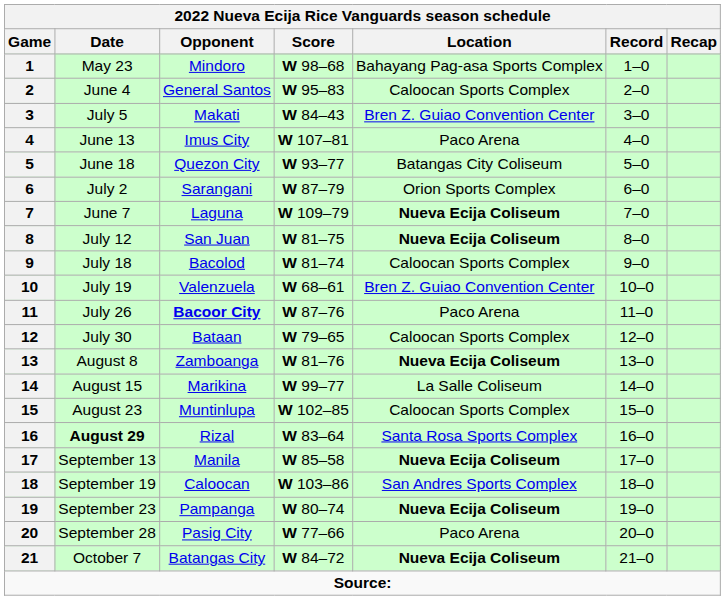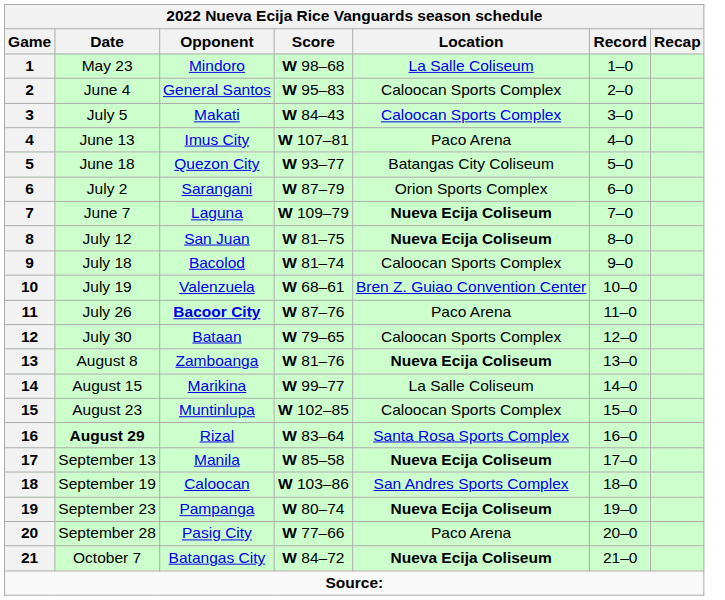 <table class="wikitable" style="text-align:center">
 <tr>
 <th colspan=7>2022 Nueva Ecija Rice Vanguards season schedule</th>
 </tr>
 <tr>
 <th>Game</th>
 <th>Date</th>
 <th>Opponent</th>
 <th>Score</th>
 <th>Location</th>
 <th>Record</th>
 <th>Recap<br></th>
 </tr>
 <tr style="background:#cfc">
 <th>1</th>
 <td>May 23</td>
 <td><a href='#'>Mindoro</a></td>
 <td><strong>W</strong> 98–68</td>
-<td>Bahayang Pag-asa Sports Complex</td>
+<td><a href='#'>La Salle Coliseum</a></td>
 <td>1–0</td>
 <td></td>
 </tr>
 <tr style="background:#cfc">
 <th>2</th>
 <td>June 4</td>
 <td><a href='#'>General Santos</a></td>
 <td><strong>W</strong> 95–83</td>
 <td>Caloocan Sports Complex</td>
 <td>2–0</td>
 <td></td>
 </tr>
 <tr style="background:#cfc">
 <th>3</th>
 <td>July 5</td>
 <td><a href='#'>Makati</a></td>
 <td><strong>W</strong> 84–43</td>
-<td><a href='#'>Bren Z. Guiao Convention Center</a></td>
+<td><a href='#'>Caloocan Sports Complex</a></td>
 <td>3–0</td>
 <td></td>
 </tr>
 <tr style="background:#cfc">
 <th>4</th>
 <td>June 13</td>
 <td><a href='#'>Imus City</a></td>
 <td><strong>W</strong> 107–81</td>
 <td>Paco Arena</td>
 <td>4–0</td>
 <td></td>
 </tr>
 <tr style="background:#cfc">
 <th>5</th>
 <td>June 18</td>
 <td><a href='#'>Quezon City</a></td>
 <td><strong>W</strong> 93–77</td>
 <td>Batangas City Coliseum</td>
 <td>5–0</td>
 <td></td>
 </tr>
 <tr style="background:#cfc">
 <th>6</th>
 <td>July 2</td>
 <td><a href='#'>Sarangani</a></td>
 <td><strong>W</strong> 87–79</td>
 <td>Orion Sports Complex</td>
 <td>6–0</td>
 <td></td>
 </tr>
 <tr style="background:#cfc">
 <th>7</th>
 <td>June 7</td>
 <td><a href='#'>Laguna</a></td>
 <td><strong>W</strong> 109–79</td>
 <td><strong>Nueva Ecija Coliseum</strong></td>
 <td>7–0</td>
 <td><br></td>
 </tr>
 <tr style="background:#cfc">
 <th>8</th>
 <td>July 12</td>
 <td><a href='#'>San Juan</a></td>
 <td><strong>W</strong> 81–75</td>
 <td><strong>Nueva Ecija Coliseum</strong></td>
 <td>8–0</td>
 <td></td>
 </tr>
 <tr style="background:#cfc">
 <th>9</th>
 <td>July 18</td>
 <td><a href='#'>Bacolod</a></td>
 <td><strong>W</strong> 81–74</td>
 <td>Caloocan Sports Complex</td>
 <td>9–0</td>
 <td></td>
 </tr>
 <tr style="background:#cfc">
 <th>10</th>
 <td>July 19</td>
 <td><a href='#'>Valenzuela</a></td>
 <td><strong>W</strong> 68–61</td>
 <td><a href='#'>Bren Z. Guiao Convention Center</a></td>
 <td>10–0</td>
 <td></td>
 </tr>
 <tr style="background:#cfc">
 <th>11</th>
 <td>July 26</td>
 <td><strong><a href='#'>Bacoor City</a></strong></td>
 <td><strong>W</strong> 87–76</td>
 <td>Paco Arena</td>
 <td>11–0</td>
 <td></td>
 </tr>
 <tr style="background:#cfc">
 <th>12</th>
 <td>July 30</td>
 <td><a href='#'>Bataan</a></td>
 <td><strong>W</strong> 79–65</td>
 <td>Caloocan Sports Complex</td>
 <td>12–0</td>
 <td></td>
 </tr>
 <tr style="background:#cfc">
 <th>13</th>
 <td>August 8</td>
 <td><a href='#'>Zamboanga</a></td>
 <td><strong>W</strong> 81–76</td>
 <td><strong>Nueva Ecija Coliseum</strong></td>
 <td>13–0</td>
 <td></td>
 </tr>
 <tr style="background:#cfc">
 <th>14</th>
 <td>August 15</td>
 <td><a href='#'>Marikina</a></td>
 <td><strong>W</strong> 99–77</td>
 <td>La Salle Coliseum</td>
 <td>14–0</td>
 <td><br></td>
 </tr>
 <tr style="background:#cfc">
 <th>15</th>
 <td>August 23</td>
 <td><a href='#'>Muntinlupa</a></td>
 <td><strong>W</strong> 102–85</td>
 <td>Caloocan Sports Complex</td>
 <td>15–0</td>
 <td></td>
 </tr>
 <tr style="background:#cfc">
 <th>16</th>
 <td><strong>August 29</strong></td>
 <td><a href='#'>Rizal</a></td>
 <td><strong>W</strong> 83–64</td>
 <td><a href='#'>Santa Rosa Sports Complex</a></td>
 <td>16–0</td>
 <td></td>
 </tr>
 <tr style="background:#cfc">
 <th>17</th>
 <td>September 13</td>
 <td><a href='#'>Manila</a></td>
 <td><strong>W</strong> 85–58</td>
 <td><strong>Nueva Ecija Coliseum</strong></td>
 <td>17–0</td>
 <td></td>
 </tr>
 <tr style="background:#cfc">
 <th>18</th>
 <td>September 19</td>
 <td><a href='#'>Caloocan</a></td>
 <td><strong>W</strong> 103–86</td>
 <td><a href='#'>San Andres Sports Complex</a></td>
 <td>18–0</td>
 <td></td>
 </tr>
 <tr style="background:#cfc">
 <th>19</th>
 <td>September 23</td>
 <td><a href='#'>Pampanga</a></td>
 <td><strong>W</strong> 80–74</td>
 <td><strong>Nueva Ecija Coliseum</strong></td>
 <td>19–0</td>
 <td></td>
 </tr>
 <tr style="background:#cfc">
 <th>20</th>
 <td>September 28</td>
 <td><a href='#'>Pasig City</a></td>
 <td><strong>W</strong> 77–66</td>
 <td>Paco Arena</td>
 <td>20–0</td>
 <td></td>
 </tr>
 <tr style="background:#cfc">
 <th>21</th>
 <td>October 7</td>
 <td><a href='#'>Batangas City</a></td>
 <td><strong>W</strong> 84–72</td>
 <td><strong>Nueva Ecija Coliseum</strong></td>
 <td>21–0</td>
 <td></td>
 </tr>
 <tr>
 <td colspan=7 align=center><strong>Source: </strong></td>
 </tr>
 </table>
